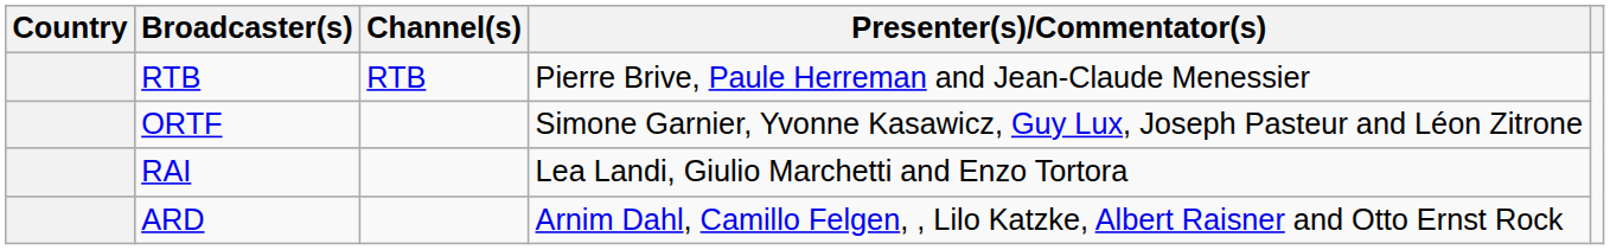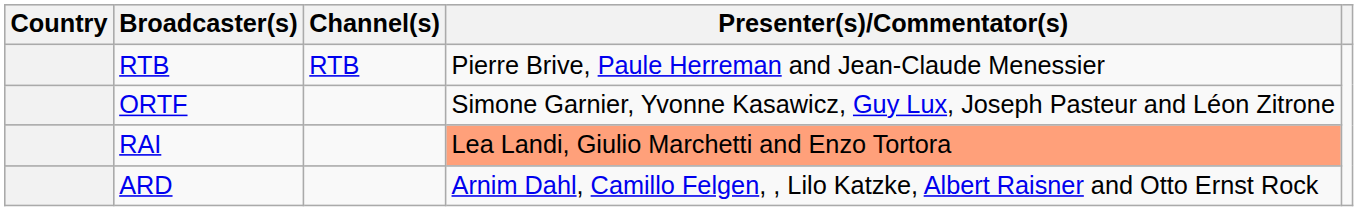 <table class="wikitable plainrowheaders">
 <tr>
 <th scope="col">Country</th>
 <th scope="col">Broadcaster(s)</th>
 <th scope="col">Channel(s)</th>
 <th scope="col">Presenter(s)/Commentator(s)</th>
 <th scope="col"></th>
 </tr>
 <tr>
 <th scope="row"></th>
 <td><a href='#'>RTB</a></td>
 <td><a href='#'>RTB</a></td>
 <td>Pierre Brive, <a href='#'>Paule Herreman</a> and Jean-Claude Menessier</td>
 <td rowspan=4></td>
 </tr>
 <tr>
 <th scope="row"></th>
 <td><a href='#'>ORTF</a></td>
 <td></td>
 <td>Simone Garnier, Yvonne Kasawicz, <a href='#'>Guy Lux</a>, Joseph Pasteur and Léon Zitrone</td>
 </tr>
 <tr>
 <th scope="row"></th>
 <td><a href='#'>RAI</a></td>
 <td></td>
-<td>Lea Landi, Giulio Marchetti and Enzo Tortora</td>
+<td style="background: lightsalmon;">Lea Landi, Giulio Marchetti and Enzo Tortora</td>
 </tr>
 <tr>
 <th scope="row"></th>
 <td><a href='#'>ARD</a></td>
 <td></td>
 <td><a href='#'>Arnim Dahl</a>, <a href='#'>Camillo Felgen</a>, , Lilo Katzke, <a href='#'>Albert Raisner</a> and Otto Ernst Rock</td>
 </tr>
 </table>
